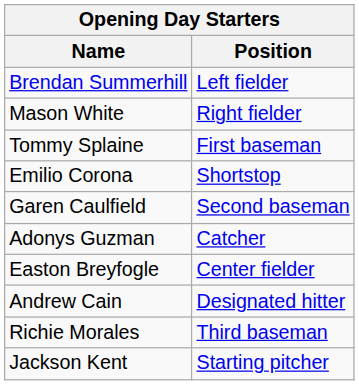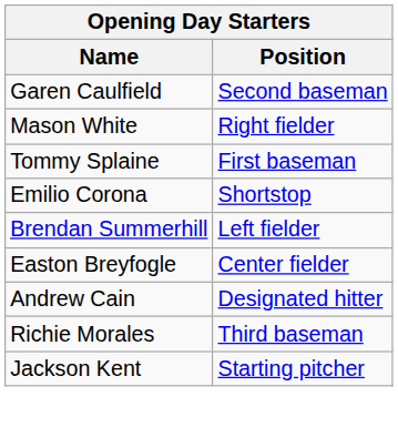 <table class="wikitable">
 <tr>
 <th colspan="2">Opening Day Starters</th>
 </tr>
 <tr>
 <th>Name</th>
 <th>Position</th>
 </tr>
 <tr>
-<td><a href='#'>Brendan Summerhill</a></td>
-<td><a href='#'>Left fielder</a></td>
+<td>Garen Caulfield</td>
+<td><a href='#'>Second baseman</a></td>
 </tr>
 <tr>
 <td>Mason White</td>
 <td><a href='#'>Right fielder</a></td>
 </tr>
 <tr>
 <td>Tommy Splaine</td>
 <td><a href='#'>First baseman</a></td>
 </tr>
 <tr>
 <td>Emilio Corona</td>
 <td><a href='#'>Shortstop</a></td>
 </tr>
 <tr>
-<td>Garen Caulfield</td>
-<td><a href='#'>Second baseman</a></td>
-</tr>
-<tr>
-<td>Adonys Guzman</td>
-<td><a href='#'>Catcher</a></td>
+<td><a href='#'>Brendan Summerhill</a></td>
+<td><a href='#'>Left fielder</a></td>
 </tr>
 <tr>
 <td>Easton Breyfogle</td>
 <td><a href='#'>Center fielder</a></td>
 </tr>
 <tr>
 <td>Andrew Cain</td>
 <td><a href='#'>Designated hitter</a></td>
 </tr>
 <tr>
 <td>Richie Morales</td>
 <td><a href='#'>Third baseman</a></td>
 </tr>
 <tr>
 <td>Jackson Kent</td>
 <td><a href='#'>Starting pitcher</a></td>
 </tr>
 </table>
